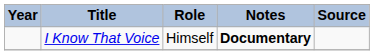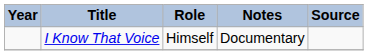 <table class="wikitable sortable plainrowheaders">
 <tr>
 <th style="background:#b0c4de;">Year </th>
 <th style="background:#b0c4de;">Title</th>
 <th style="background:#b0c4de;">Role </th>
 <th style="background:#b0c4de;" class="unsortable">Notes </th>
 <th style="background:#b0c4de;" class="unsortable">Source</th>
 </tr>
 <tr>
 <td></td>
 <td><em><a href='#'>I Know That Voice</a></em></td>
 <td>Himself</td>
-<td><strong>Documentary</strong></td>
+<td>Documentary</td>
 <td></td>
 </tr>
 <tr>
 </tr>
 </table>
